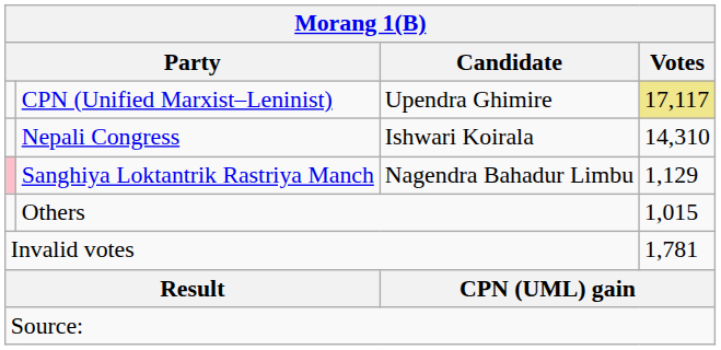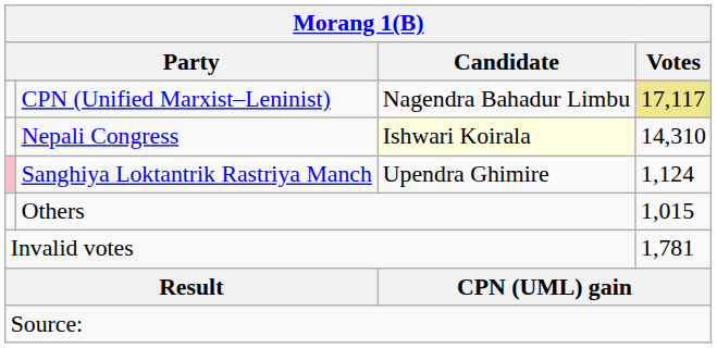 <table class="wikitable">
 <tr>
 <th colspan="4"><a href='#'>Morang 1(B)</a></th>
 </tr>
 <tr>
 <th colspan="2">Party</th>
 <th>Candidate</th>
 <th>Votes</th>
 </tr>
 <tr>
 <td style="background-color:"></td>
 <td><a href='#'>CPN (Unified Marxist–Leninist)</a></td>
-<td>Upendra Ghimire</td>
+<td>Nagendra Bahadur Limbu</td>
 <td style="background: khaki;">17,117</td>
 </tr>
 <tr>
 <td style="background-color:"></td>
 <td><a href='#'>Nepali Congress</a></td>
-<td>Ishwari Koirala</td>
+<td style="background: lightyellow;">Ishwari Koirala</td>
 <td>14,310</td>
 </tr>
 <tr>
 <td style="background-color:#ffc0cb"></td>
 <td><a href='#'>Sanghiya Loktantrik Rastriya Manch</a></td>
-<td>Nagendra Bahadur Limbu</td>
-<td>1,129</td>
+<td>Upendra Ghimire</td>
+<td>1,124</td>
 </tr>
 <tr>
 <td></td>
 <td colspan="2">Others</td>
 <td>1,015</td>
 </tr>
 <tr>
 <td colspan="3">Invalid votes</td>
 <td>1,781</td>
 </tr>
 <tr>
 <th colspan="2">Result</th>
 <th colspan="2">CPN (UML) gain</th>
 </tr>
 <tr>
 <td colspan="4">Source: </td>
 </tr>
 </table>
